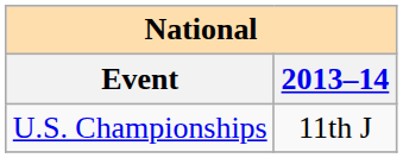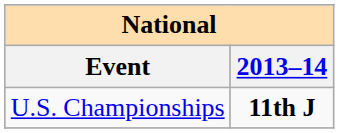 <table class="wikitable" style="text-align:center">
 <tr>
 <th style="background-color: #ffdead; " colspan=2 align=center>National</th>
 </tr>
 <tr>
 <th>Event</th>
 <th><a href='#'>2013–14</a></th>
 </tr>
 <tr>
 <td align=left><a href='#'>U.S. Championships</a></td>
-<td>11th J</td>
+<td><strong>11th J</strong></td>
 </tr>
 </table>
